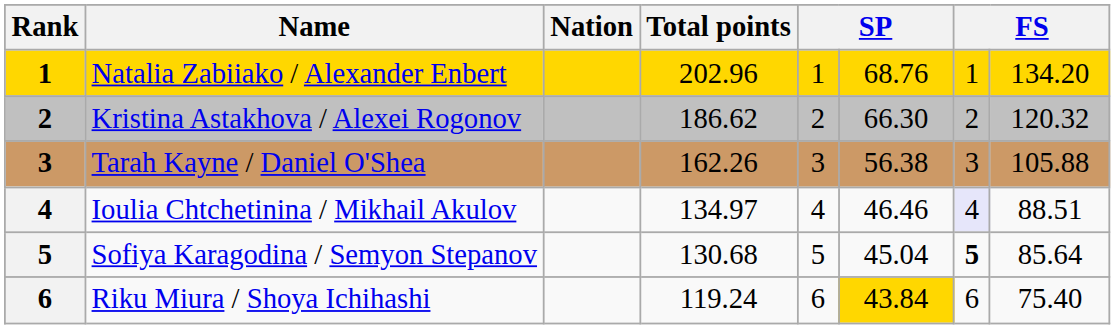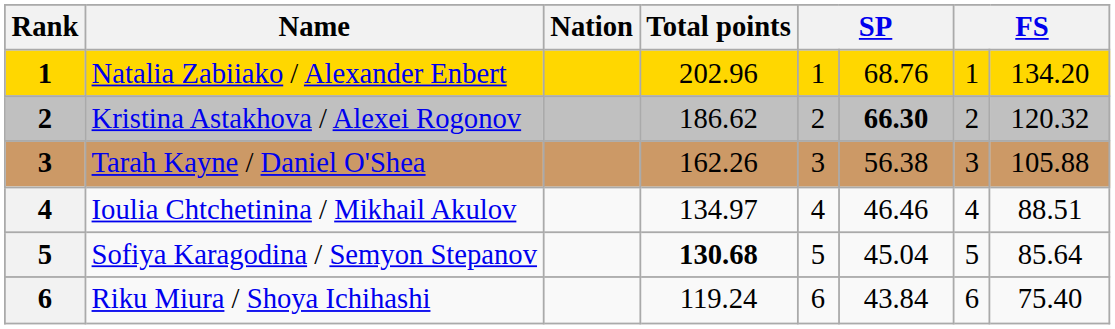 <table class="wikitable sortable">
 <tr>
 <th>Rank</th>
 <th>Name</th>
 <th>Nation</th>
 <th>Total points</th>
 <th colspan="2" width="80px"><a href='#'>SP</a></th>
 <th colspan="2" width="80px"><a href='#'>FS</a></th>
 </tr>
 <tr bgcolor="gold">
 <td align="center"><strong>1</strong></td>
 <td><a href='#'>Natalia Zabiiako</a> / <a href='#'>Alexander Enbert</a></td>
 <td></td>
 <td align="center">202.96</td>
 <td align="center">1</td>
 <td align="center">68.76</td>
 <td align="center">1</td>
 <td align="center">134.20</td>
 </tr>
 <tr bgcolor="silver">
 <td align="center"><strong>2</strong></td>
 <td><a href='#'>Kristina Astakhova</a> / <a href='#'>Alexei Rogonov</a></td>
 <td></td>
 <td align="center">186.62</td>
 <td align="center">2</td>
-<td align="center">66.30</td>
+<td align="center"><strong>66.30</strong></td>
 <td align="center">2</td>
 <td align="center">120.32</td>
 </tr>
 <tr bgcolor="cc9966">
 <td align="center"><strong>3</strong></td>
 <td><a href='#'>Tarah Kayne</a> / <a href='#'>Daniel O'Shea</a></td>
 <td></td>
 <td align="center">162.26</td>
 <td align="center">3</td>
 <td align="center">56.38</td>
 <td align="center">3</td>
 <td align="center">105.88</td>
 </tr>
 <tr>
 <th>4</th>
 <td><a href='#'>Ioulia Chtchetinina</a> / <a href='#'>Mikhail Akulov</a></td>
 <td></td>
 <td align="center">134.97</td>
 <td align="center">4</td>
 <td align="center">46.46</td>
-<td align="center" style="background: lavender;">4</td>
+<td align="center">4</td>
 <td align="center">88.51</td>
 </tr>
 <tr>
 <th>5</th>
 <td><a href='#'>Sofiya Karagodina</a> / <a href='#'>Semyon Stepanov</a></td>
 <td></td>
-<td align="center">130.68</td>
+<td align="center"><strong>130.68</strong></td>
 <td align="center">5</td>
 <td align="center">45.04</td>
-<td align="center"><strong>5</strong></td>
+<td align="center">5</td>
 <td align="center">85.64</td>
 </tr>
 <tr>
 <th>6</th>
 <td><a href='#'>Riku Miura</a> / <a href='#'>Shoya Ichihashi</a></td>
 <td></td>
 <td align="center">119.24</td>
 <td align="center">6</td>
-<td align="center" style="background: gold;">43.84</td>
+<td align="center">43.84</td>
 <td align="center">6</td>
 <td align="center">75.40</td>
 </tr>
 </table>
